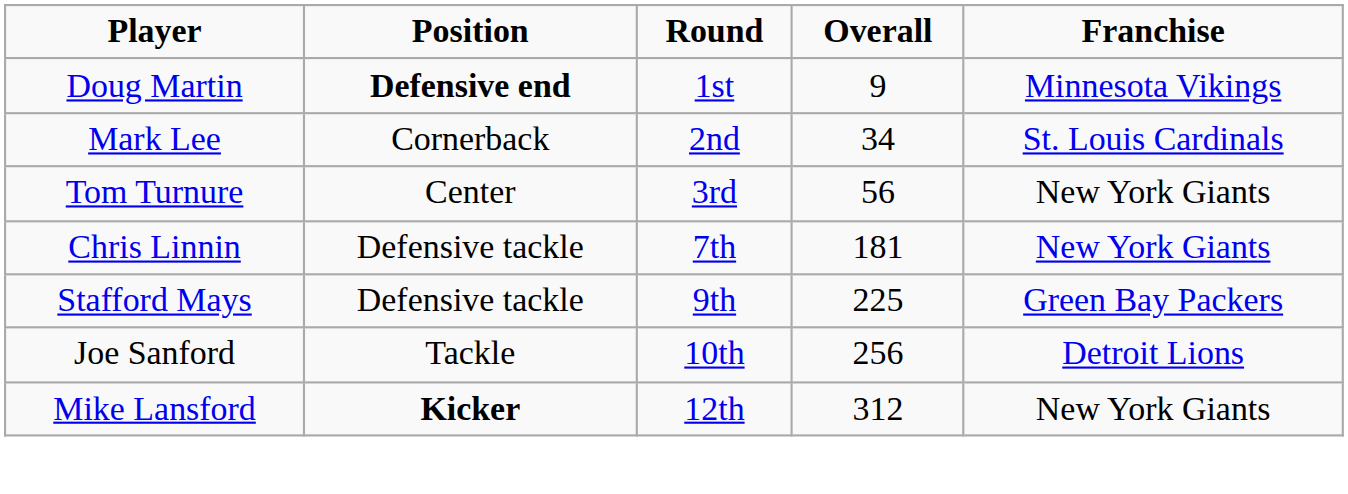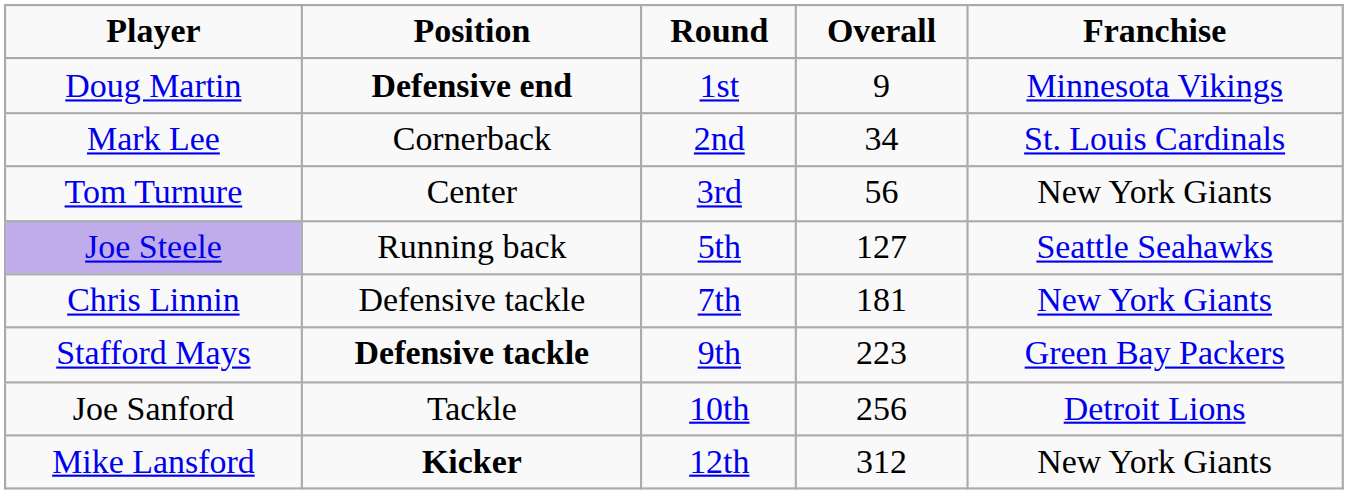 <table class="wikitable" width="50%">
 <tr align="center">
 <td><strong>Player</strong></td>
 <td><strong>Position</strong></td>
 <td><strong>Round</strong></td>
 <td><strong>Overall</strong></td>
 <td><strong>Franchise</strong></td>
 </tr>
 <tr align="center" bgcolor="">
 <td><a href='#'>Doug Martin</a></td>
 <td><strong>Defensive end</strong></td>
 <td><a href='#'>1st</a></td>
 <td>9</td>
 <td><a href='#'>Minnesota Vikings</a></td>
 </tr>
 <tr align="center" bgcolor="">
 <td><a href='#'>Mark Lee</a></td>
 <td>Cornerback</td>
 <td><a href='#'>2nd</a></td>
 <td>34</td>
 <td><a href='#'>St. Louis Cardinals</a></td>
 </tr>
 <tr align="center" bgcolor="">
 <td><a href='#'>Tom Turnure</a></td>
 <td>Center</td>
 <td><a href='#'>3rd</a></td>
 <td>56</td>
 <td>New York Giants</td>
 </tr>
 <tr align="center" bgcolor="">
+<td bgcolor="C0ACEA"><a href='#'>Joe Steele</a></td>
+<td>Running back</td>
+<td><a href='#'>5th</a></td>
+<td>127</td>
+<td><a href='#'>Seattle Seahawks</a></td>
+</tr>
+<tr align="center" bgcolor="">
 <td><a href='#'>Chris Linnin</a></td>
 <td>Defensive tackle</td>
 <td><a href='#'>7th</a></td>
 <td>181</td>
 <td><a href='#'>New York Giants</a></td>
 </tr>
 <tr align="center" bgcolor="">
 <td><a href='#'>Stafford Mays</a></td>
-<td>Defensive tackle</td>
+<td><strong>Defensive tackle</strong></td>
 <td><a href='#'>9th</a></td>
-<td>225</td>
+<td>223</td>
 <td><a href='#'>Green Bay Packers</a></td>
 </tr>
 <tr align="center" bgcolor="">
 <td>Joe Sanford</td>
 <td>Tackle</td>
 <td><a href='#'>10th</a></td>
 <td>256</td>
 <td><a href='#'>Detroit Lions</a></td>
 </tr>
 <tr align="center" bgcolor="">
 <td><a href='#'>Mike Lansford</a></td>
 <td><strong>Kicker</strong></td>
 <td><a href='#'>12th</a></td>
 <td>312</td>
 <td>New York Giants</td>
 </tr>
 </table>
